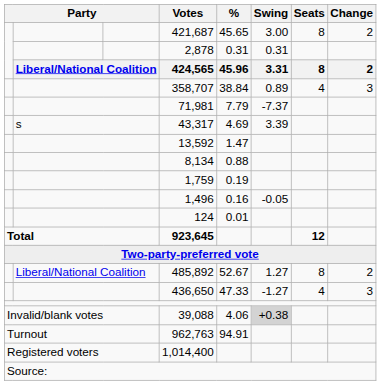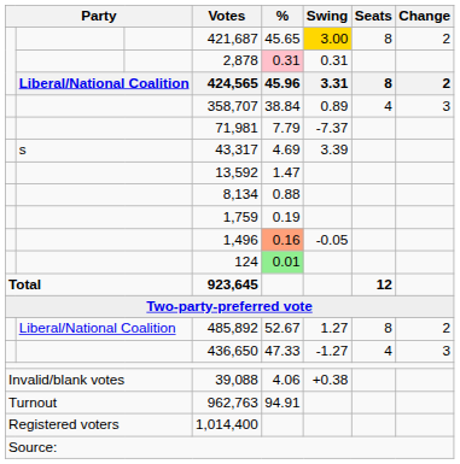 <table class="wikitable">
 <tr>
 <th colspan="3" style="width:200px"><strong>Party</strong></th>
 <th style="width:70px; text-align:center;"><strong>Votes</strong></th>
 <th style="width:40px; text-align:center;"><strong>%</strong></th>
 <th style="width:40px; text-align:center;"><strong>Swing</strong></th>
 <th style="width:40px; text-align:center;"><strong>Seats</strong></th>
 <th style="width:40px; text-align:center;"><strong>Change</strong></th>
 </tr>
 <tr>
 <td rowspan="3"> </td>
 <td> </td>
 <td></td>
 <td align=right>421,687</td>
 <td align=right>45.65</td>
-<td align=right>3.00</td>
+<td align=right style="background: gold;">3.00</td>
 <td align=right>8</td>
 <td align=right> 2</td>
 </tr>
 <tr>
 <td> </td>
 <td></td>
 <td align=right>2,878</td>
-<td align=right>0.31</td>
+<td align=right style="background: pink;">0.31</td>
 <td align=right>0.31</td>
 <td align=right></td>
 <td align=right></td>
 </tr>
 <tr>
 <th colspan="2" style="text-align:left;"><a href='#'>Liberal/National Coalition</a></th>
 <th style="text-align:right;">424,565</th>
 <th style="text-align:right;">45.96</th>
 <th style="text-align:right;">3.31</th>
 <th style="text-align:right;">8</th>
 <th style="text-align:right;"> 2</th>
 </tr>
 <tr>
 <td> </td>
 <td colspan=2></td>
 <td align=right>358,707</td>
 <td align=right>38.84</td>
 <td align=right>0.89</td>
 <td align=right>4</td>
 <td align=right> 3</td>
 </tr>
 <tr>
 <td> </td>
 <td colspan=2></td>
 <td align=right>71,981</td>
 <td align=right>7.79</td>
 <td align=right>-7.37</td>
 <td align=right></td>
 <td align=right></td>
 </tr>
 <tr>
 <td> </td>
 <td colspan=2>s</td>
 <td align=right>43,317</td>
 <td align=right>4.69</td>
 <td align=right>3.39</td>
 <td align=right></td>
 <td align=right></td>
 </tr>
 <tr>
 <td> </td>
 <td colspan=2></td>
 <td align=right>13,592</td>
 <td align=right>1.47</td>
 <td align=right></td>
 <td align=right></td>
 <td align=right></td>
 </tr>
 <tr>
 <td> </td>
 <td colspan=2></td>
 <td align=right>8,134</td>
 <td align=right>0.88</td>
 <td align=right></td>
 <td align=right></td>
 <td align=right></td>
 </tr>
 <tr>
 <td> </td>
 <td colspan=2></td>
 <td align=right>1,759</td>
 <td align=right>0.19</td>
 <td align=right></td>
 <td align=right></td>
 <td align=right></td>
 </tr>
 <tr>
 <td> </td>
 <td colspan=2></td>
 <td align=right>1,496</td>
-<td align=right>0.16</td>
+<td align=right style="background: lightsalmon;">0.16</td>
 <td align=right>-0.05</td>
 <td align=right></td>
 <td align=right></td>
 </tr>
 <tr>
 <td> </td>
 <td colspan=2></td>
 <td align=right>124</td>
-<td align=right>0.01</td>
+<td align=right style="background: lightgreen;">0.01</td>
 <td align=right></td>
 <td align=right></td>
 <td align=right></td>
 </tr>
 <tr>
 <td colspan="3" align="left"><strong>Total</strong></td>
 <td align=right><strong>923,645</strong></td>
 <td align=right></td>
 <td align=right></td>
 <td align=right><strong>12</strong></td>
 <td align=right></td>
 </tr>
 <tr>
 <td colspan="8" style="text-align:center; background:#eee;"><strong><a href='#'>Two-party-preferred vote</a></strong></td>
 </tr>
 <tr>
 <td> </td>
 <td colspan=2><a href='#'>Liberal/National Coalition</a></td>
 <td align=right>485,892</td>
 <td align=right>52.67</td>
 <td align=right>1.27</td>
 <td align=right>8</td>
 <td align=right> 2</td>
 </tr>
 <tr>
 <td> </td>
 <td colspan=2></td>
 <td align=right>436,650</td>
 <td align=right>47.33</td>
 <td align=right>-1.27</td>
 <td align=right>4</td>
 <td align=right> 3</td>
 </tr>
 <tr>
 <td colspan="8"></td>
 </tr>
 <tr>
 <td colspan="3" style="text-align:left;">Invalid/blank votes</td>
 <td align=right>39,088</td>
 <td align=right>4.06</td>
-<td align=right style="background: lightgrey;">+0.38</td>
+<td align=right>+0.38</td>
 <td></td>
 <td></td>
 </tr>
 <tr>
 <td colspan="3" style="text-align:left;">Turnout</td>
 <td align=right>962,763</td>
 <td align=right>94.91</td>
 <td></td>
 <td></td>
 <td></td>
 </tr>
 <tr>
 <td colspan="3" style="text-align:left;">Registered voters</td>
 <td align=right>1,014,400</td>
 <td></td>
 <td></td>
 <td></td>
 <td></td>
 </tr>
 <tr>
 <td colspan="8" align="left">Source: </td>
 </tr>
 </table>
